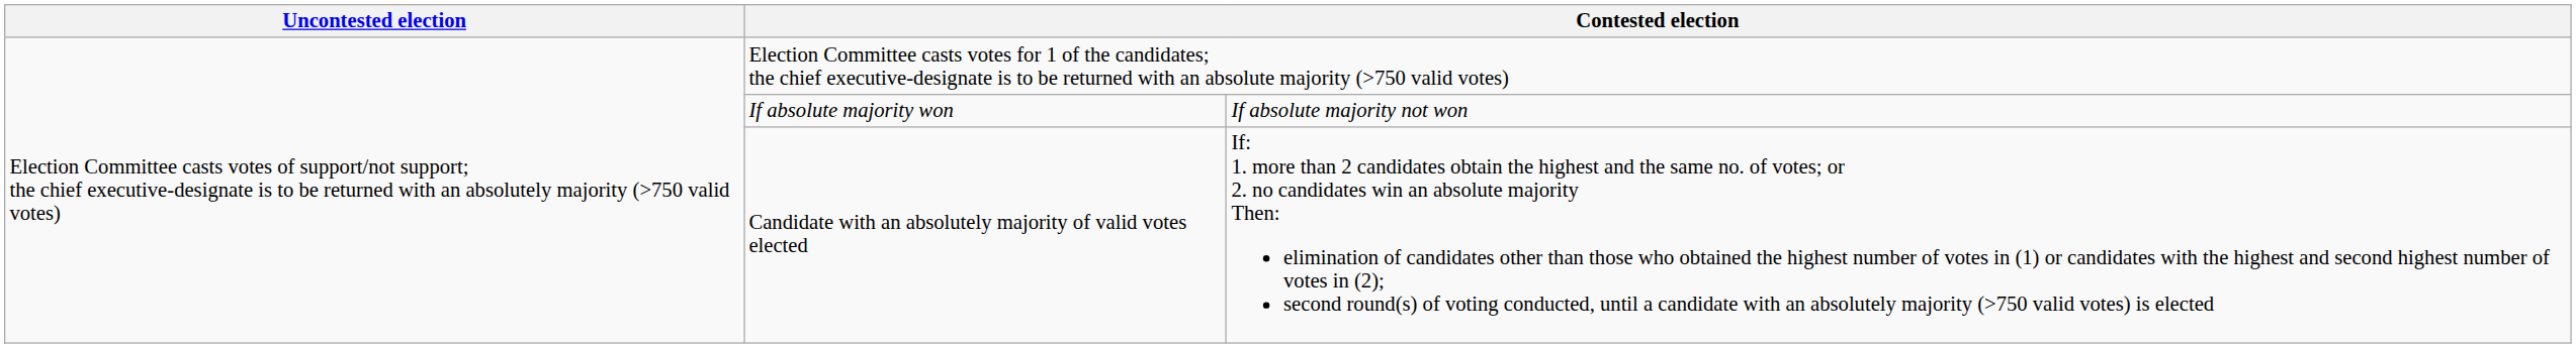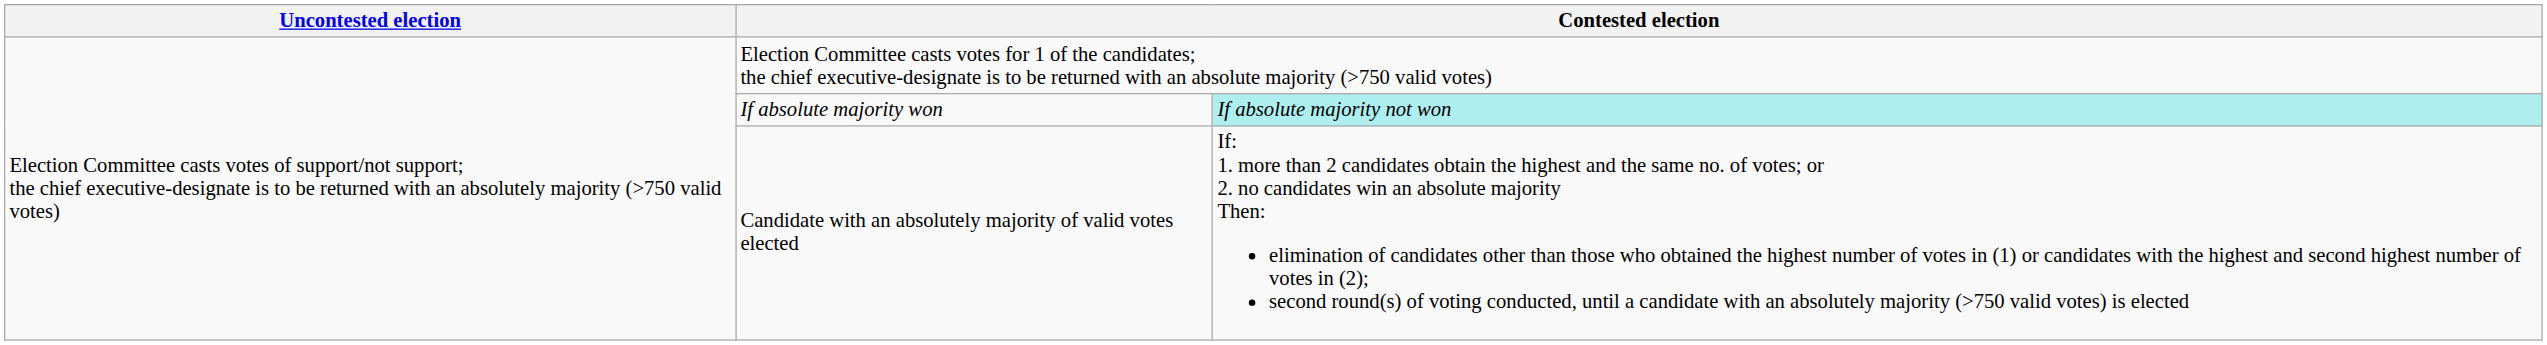 <table class="wikitable">
 <tr>
 <th><a href='#'>Uncontested election</a></th>
 <th colspan="2">Contested election</th>
 </tr>
 <tr>
 <td rowspan="3">Election Committee casts votes of support/not support;<br>the chief executive-designate is to be returned with an absolutely majority (>750 valid votes)</td>
 <td colspan="2">Election Committee casts votes for 1 of the candidates;<br> the chief executive-designate is to be returned with an absolute majority (>750 valid votes)</td>
 </tr>
 <tr>
 <td><em>If absolute majority won</em></td>
-<td><em>If absolute majority not won</em></td>
+<td style="background: paleturquoise;"><em>If absolute majority not won</em></td>
 </tr>
 <tr>
 <td>Candidate with an absolutely majority of valid votes elected</td>
 <td>If:<br>1. more than 2 candidates obtain the highest and the same no. of votes; or <br>2. no candidates win an absolute majority<br>Then:<ul><li>elimination of candidates other than those who obtained the highest number of votes in (1) or candidates with the highest and second highest number of votes in (2);</li><li>second round(s) of voting conducted, until a candidate with an absolutely majority (>750 valid votes) is elected</li></ul></td>
 </tr>
 </table>
